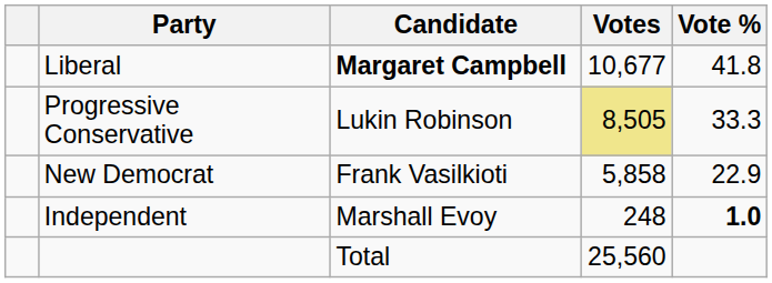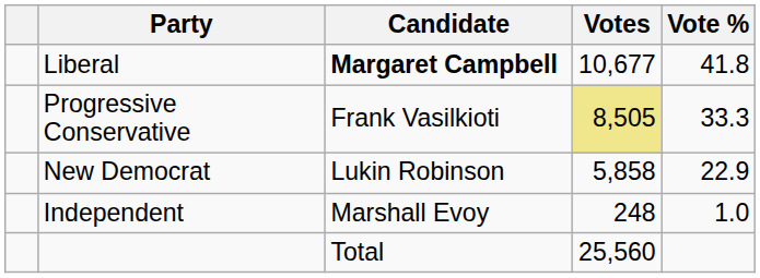 <table class="wikitable">
 <tr>
 <th></th>
 <th scope="col" width="175">Party</th>
 <th scope="col" width="150">Candidate</th>
 <th>Votes</th>
 <th>Vote %</th>
 </tr>
 <tr>
 <td>   </td>
 <td>Liberal</td>
 <td><strong>Margaret Campbell</strong></td>
 <td align=right>10,677</td>
 <td align=right>41.8</td>
 </tr>
 <tr |>
 <td>   </td>
 <td>Progressive Conservative</td>
-<td>Lukin Robinson</td>
+<td>Frank Vasilkioti</td>
 <td align=right style="background: khaki;">8,505</td>
 <td align=right>33.3</td>
 </tr>
 <tr |>
 <td>   </td>
 <td>New Democrat</td>
-<td>Frank Vasilkioti</td>
+<td>Lukin Robinson</td>
 <td align=right>5,858</td>
 <td align=right>22.9<br></td>
 </tr>
 <tr |>
 <td>   </td>
 <td>Independent</td>
 <td>Marshall Evoy</td>
 <td align=right>248</td>
-<td align=right><strong>1.0</strong></td>
+<td align=right>1.0</td>
 </tr>
 <tr |>
 <td></td>
 <td></td>
 <td>Total</td>
 <td align=right>25,560</td>
 </tr>
 </table>
